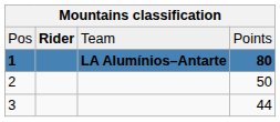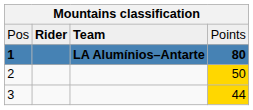 <table class="wikitable">
 <tr>
 <th colspan=4>Mountains classification</th>
 </tr>
 <tr bgcolor=#efefef>
 <td>Pos</td>
 <td><strong>Rider</strong></td>
-<td>Team</td>
+<td><strong>Team</strong></td>
 <td>Points</td>
 </tr>
 <tr style="background:steelblue;">
 <td><strong>1</strong></td>
 <td><strong> </strong></td>
 <td><strong>LA Alumínios–Antarte</strong></td>
 <td align="right"><strong>80</strong></td>
 </tr>
 <tr>
 <td>2</td>
 <td></td>
 <td></td>
-<td align="right">50</td>
+<td align="right" style="background: gold;">50</td>
 </tr>
 <tr>
 <td>3</td>
 <td></td>
 <td></td>
-<td align="right">44</td>
+<td align="right" style="background: gold;">44</td>
 </tr>
 </table>
